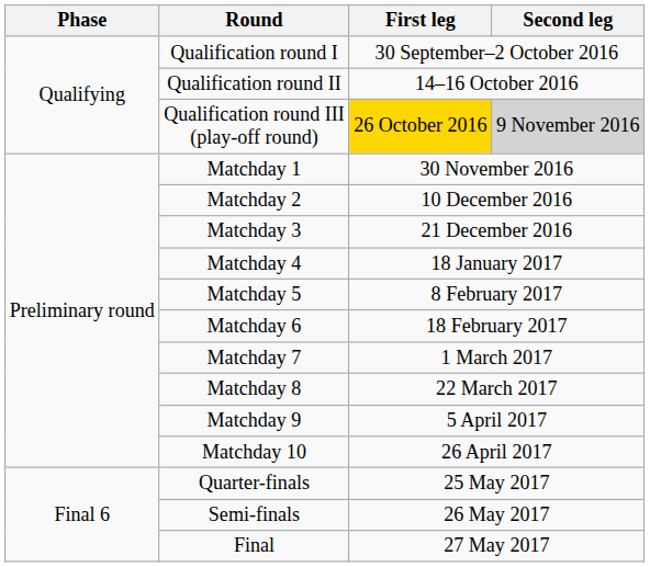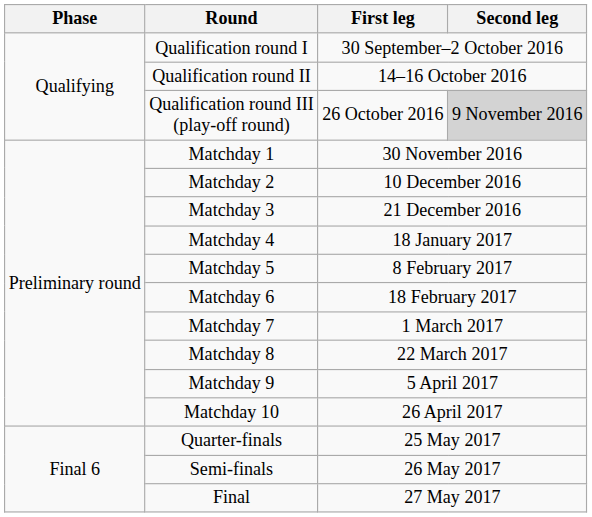 <table class="wikitable" style="text-align:center">
 <tr>
 <th>Phase</th>
 <th>Round</th>
 <th>First leg</th>
 <th>Second leg</th>
 </tr>
 <tr>
 <td rowspan=3>Qualifying</td>
 <td>Qualification round I</td>
 <td colspan=2>30 September–2 October 2016</td>
 </tr>
 <tr>
 <td>Qualification round II</td>
 <td colspan=2>14–16 October 2016</td>
 </tr>
 <tr>
 <td>Qualification round III <br> (play-off round)</td>
-<td style="background: gold;">26 October 2016</td>
+<td>26 October 2016</td>
 <td style="background: lightgrey;">9 November 2016</td>
 </tr>
 <tr>
 <td rowspan=10>Preliminary round</td>
 <td>Matchday 1</td>
 <td colspan=2>30 November 2016</td>
 </tr>
 <tr>
 <td>Matchday 2</td>
 <td colspan=2>10 December 2016</td>
 </tr>
 <tr>
 <td>Matchday 3</td>
 <td colspan=2>21 December 2016</td>
 </tr>
 <tr>
 <td>Matchday 4</td>
 <td colspan=2>18 January 2017</td>
 </tr>
 <tr>
 <td>Matchday 5</td>
 <td colspan=2>8 February 2017</td>
 </tr>
 <tr>
 <td>Matchday 6</td>
 <td colspan=2>18 February 2017</td>
 </tr>
 <tr>
 <td>Matchday 7</td>
 <td colspan=2>1 March 2017</td>
 </tr>
 <tr>
 <td>Matchday 8</td>
 <td colspan=2>22 March 2017</td>
 </tr>
 <tr>
 <td>Matchday 9</td>
 <td colspan=2>5 April 2017</td>
 </tr>
 <tr>
 <td>Matchday 10</td>
 <td colspan=2>26 April 2017</td>
 </tr>
 <tr>
 <td rowspan=3>Final 6</td>
 <td>Quarter-finals</td>
 <td colspan=2>25 May 2017</td>
 </tr>
 <tr>
 <td>Semi-finals</td>
 <td colspan=2>26 May 2017</td>
 </tr>
 <tr>
 <td>Final</td>
 <td colspan=2>27 May 2017</td>
 </tr>
 </table>
